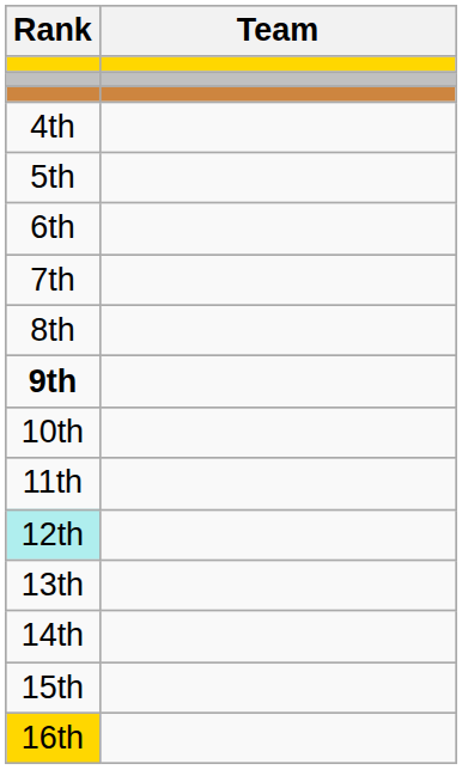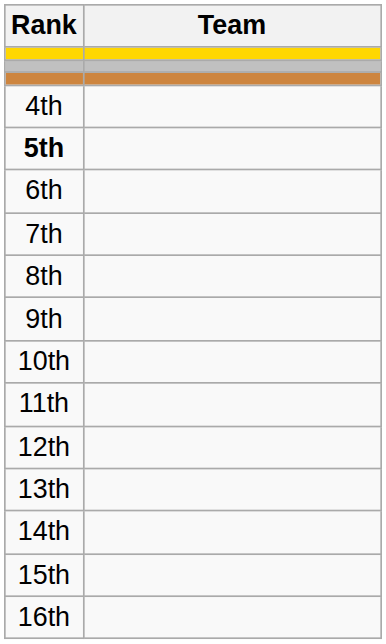 <table class=wikitable style="text-align:center;">
 <tr>
 <th>Rank</th>
 <th width=170>Team</th>
 </tr>
 <tr bgcolor=gold>
 <td></td>
 <td align=left></td>
 </tr>
 <tr bgcolor=silver>
 <td></td>
 <td align=left></td>
 </tr>
 <tr bgcolor=peru>
 <td></td>
 <td align=left></td>
 </tr>
 <tr>
 <td>4th</td>
 <td align=left></td>
 </tr>
 <tr>
-<td>5th</td>
+<td><strong>5th</strong></td>
 <td align=left></td>
 </tr>
 <tr>
 <td>6th</td>
 <td align=left></td>
 </tr>
 <tr>
 <td>7th</td>
 <td align=left></td>
 </tr>
 <tr>
 <td>8th</td>
 <td align=left></td>
 </tr>
 <tr>
-<td><strong>9th</strong></td>
+<td>9th</td>
 <td align=left></td>
 </tr>
 <tr>
 <td>10th</td>
 <td align=left></td>
 </tr>
 <tr>
 <td>11th</td>
 <td align=left></td>
 </tr>
 <tr>
-<td style="background: paleturquoise;">12th</td>
+<td>12th</td>
 <td align=left></td>
 </tr>
 <tr>
 <td>13th</td>
 <td align=left></td>
 </tr>
 <tr>
 <td>14th</td>
 <td align=left></td>
 </tr>
 <tr>
 <td>15th</td>
 <td align=left></td>
 </tr>
 <tr>
-<td style="background: gold;">16th</td>
+<td>16th</td>
 <td align=left></td>
 </tr>
 </table>
